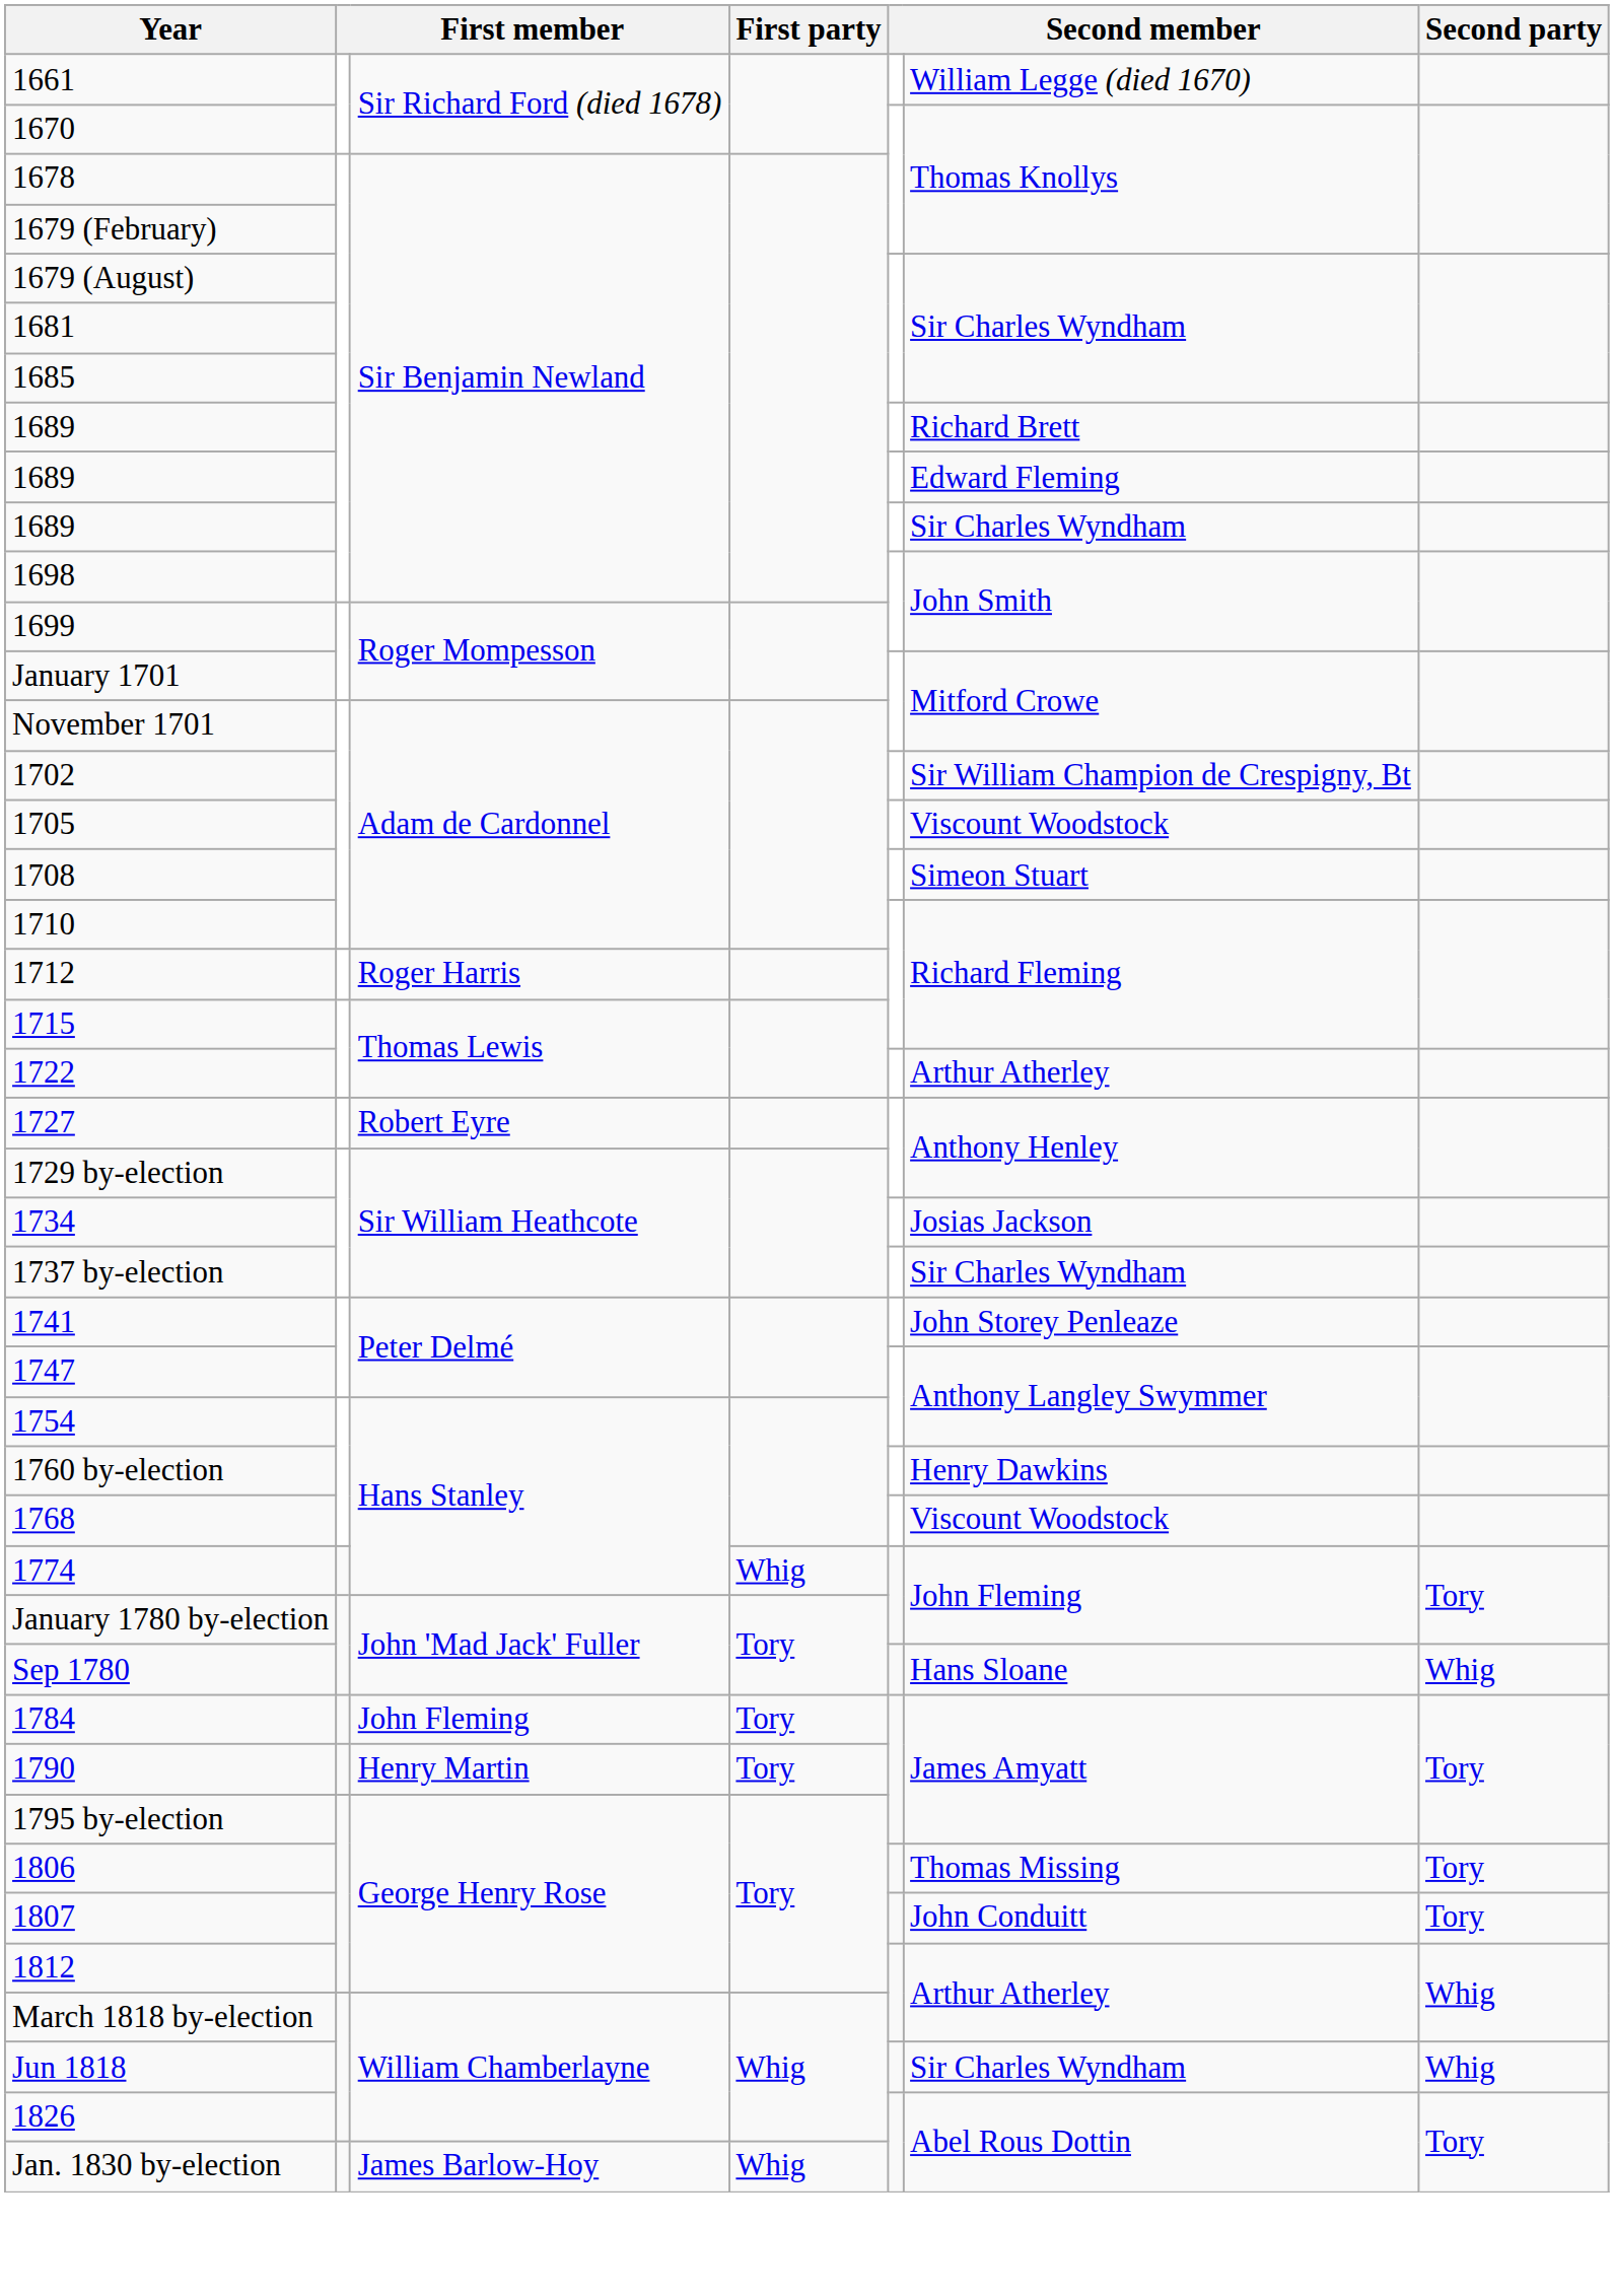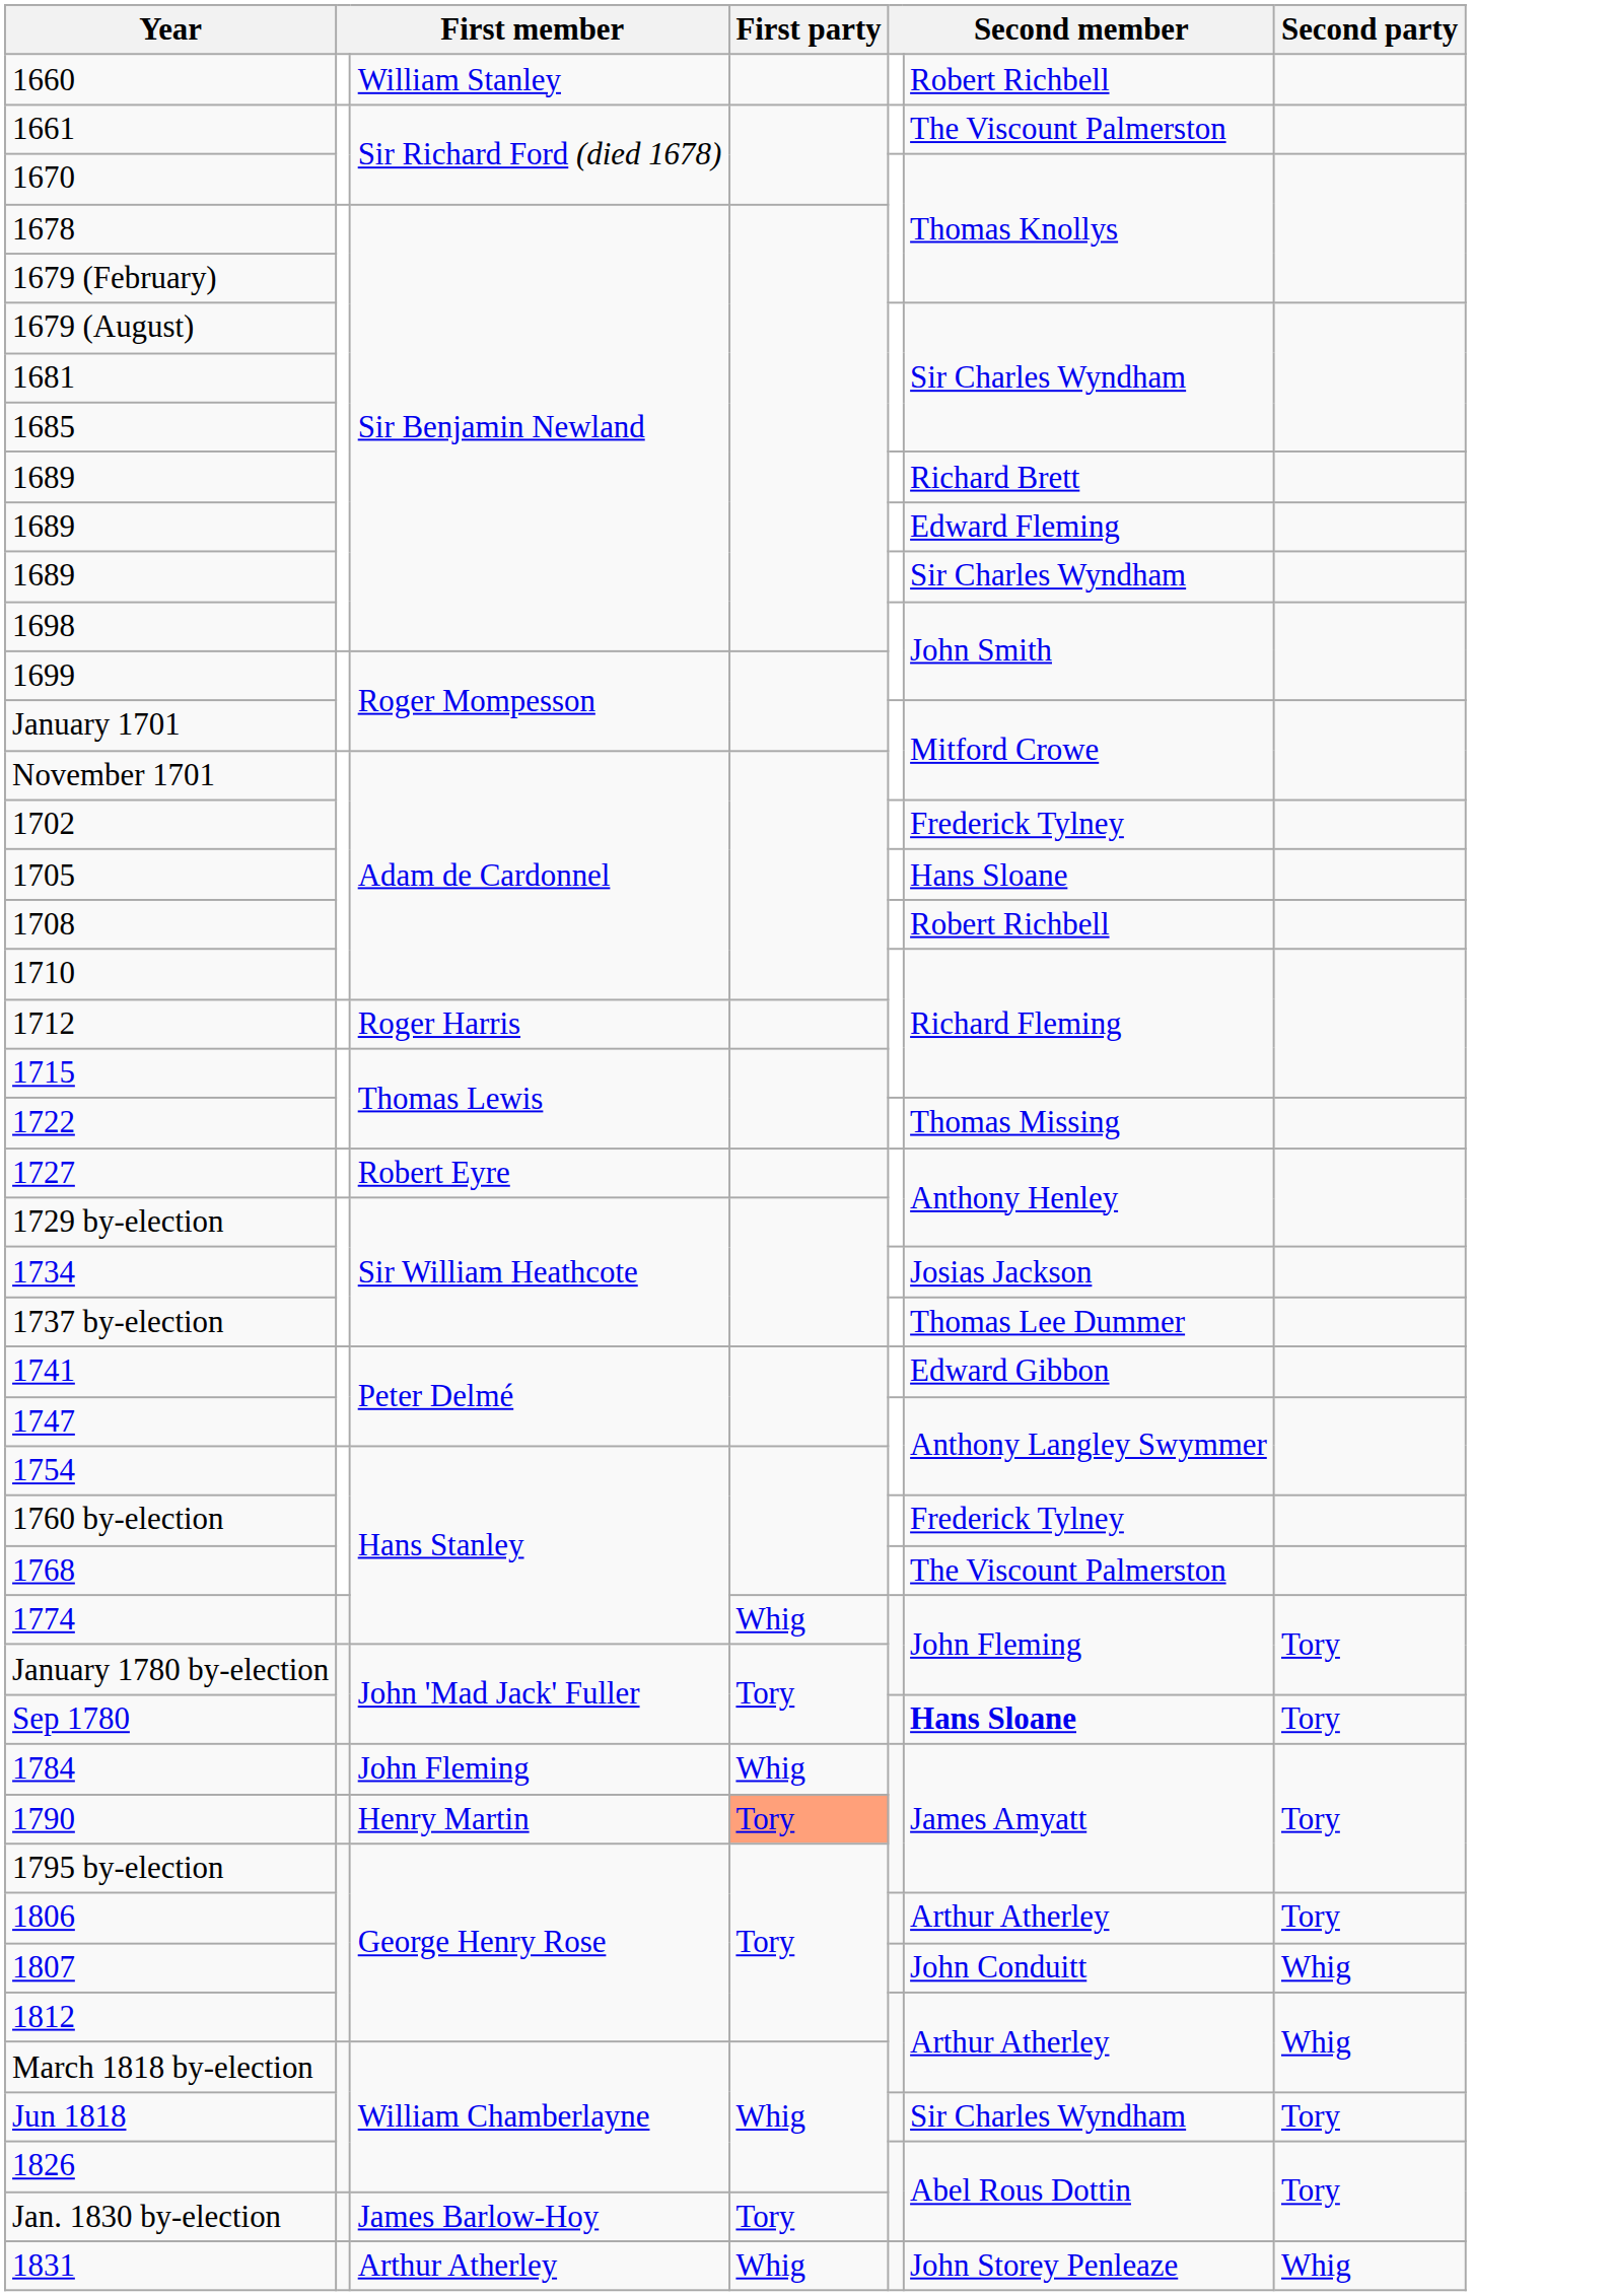 <table class="wikitable">
 <tr>
 <th>Year</th>
 <th colspan="2">First member</th>
 <th>First party</th>
 <th colspan="2">Second member</th>
 <th>Second party</th>
 </tr>
 <tr>
+<td>1660</td>
+<td style="color:inherit;background-color: white"></td>
+<td><a href='#'>William Stanley</a></td>
+<td></td>
+<td style="color:inherit;background-color: white"></td>
+<td><a href='#'>Robert Richbell</a></td>
+<td></td>
+</tr>
+<tr>
 <td>1661</td>
 <td rowspan="2" style="color:inherit;background-color: white"></td>
 <td rowspan="2"><a href='#'>Sir Richard Ford</a> <em>(died 1678)</em></td>
 <td rowspan="2"></td>
 <td style="color:inherit;background-color: white"></td>
-<td><a href='#'>William Legge</a> <em>(died 1670)</em></td>
+<td><a href='#'>The Viscount Palmerston</a></td>
 <td></td>
 </tr>
 <tr>
 <td>1670</td>
 <td rowspan="3" style="color:inherit;background-color: white"></td>
 <td rowspan="3"><a href='#'>Thomas Knollys</a></td>
 <td rowspan="3"></td>
 </tr>
 <tr>
 <td>1678</td>
 <td rowspan="9" style="color:inherit;background-color: white"></td>
 <td rowspan="9"><a href='#'>Sir Benjamin Newland</a></td>
 <td rowspan="9"></td>
 </tr>
 <tr>
 <td>1679 (February)</td>
 </tr>
 <tr>
 <td>1679 (August)</td>
 <td rowspan = "3" style="color:inherit;background-color: white"></td>
 <td rowspan = "3"><a href='#'>Sir Charles Wyndham</a></td>
 <td rowspan="3"></td>
 </tr>
 <tr>
 <td>1681</td>
 </tr>
 <tr>
 <td>1685</td>
 </tr>
 <tr>
 <td>1689</td>
 <td style="color:inherit;background-color: white"></td>
 <td><a href='#'>Richard Brett</a></td>
 <td></td>
 </tr>
 <tr>
 <td>1689</td>
 <td style="color:inherit;background-color: white"></td>
 <td><a href='#'>Edward Fleming</a></td>
 <td></td>
 </tr>
 <tr>
 <td>1689</td>
 <td style="color:inherit;background-color: white"></td>
 <td><a href='#'>Sir Charles Wyndham</a></td>
 <td></td>
 </tr>
 <tr>
 <td>1698</td>
 <td rowspan="2" style="color:inherit;background-color: white"></td>
 <td rowspan="2"><a href='#'>John Smith</a></td>
 <td rowspan="2"></td>
 </tr>
 <tr>
 <td>1699</td>
 <td rowspan="2" style="color:inherit;background-color: white"></td>
 <td rowspan="2"><a href='#'>Roger Mompesson</a></td>
 <td rowspan="2"></td>
 </tr>
 <tr>
 <td>January 1701</td>
 <td rowspan="2" style="color:inherit;background-color: white"></td>
 <td rowspan="2"><a href='#'>Mitford Crowe</a></td>
 <td rowspan="2"></td>
 </tr>
 <tr>
 <td>November 1701</td>
 <td rowspan="5" style="color:inherit;background-color: white"></td>
 <td rowspan="5"><a href='#'>Adam de Cardonnel</a></td>
 <td rowspan="5"></td>
 </tr>
 <tr>
 <td>1702</td>
 <td style="color:inherit;background-color: white"></td>
-<td><a href='#'>Sir William Champion de Crespigny, Bt</a></td>
+<td><a href='#'>Frederick Tylney</a></td>
 <td></td>
 </tr>
 <tr>
 <td>1705</td>
 <td style="color:inherit;background-color: white"></td>
-<td><a href='#'>Viscount Woodstock</a></td>
+<td><a href='#'>Hans Sloane</a></td>
 <td></td>
 </tr>
 <tr>
 <td>1708</td>
 <td style="color:inherit;background-color: white"></td>
-<td><a href='#'>Simeon Stuart</a></td>
+<td><a href='#'>Robert Richbell</a></td>
 <td></td>
 </tr>
 <tr>
 <td>1710</td>
 <td rowspan="3" style="color:inherit;background-color: white"></td>
 <td rowspan="3"><a href='#'>Richard Fleming</a></td>
 <td rowspan="3"></td>
 </tr>
 <tr>
 <td>1712</td>
 <td style="color:inherit;background-color: white"></td>
 <td><a href='#'>Roger Harris</a></td>
 <td></td>
 </tr>
 <tr>
 <td><a href='#'>1715</a></td>
 <td rowspan="2" style="color:inherit;background-color: white"></td>
 <td rowspan="2"><a href='#'>Thomas Lewis</a></td>
 <td rowspan="2"></td>
 </tr>
 <tr>
 <td><a href='#'>1722</a></td>
 <td style="color:inherit;background-color: white"></td>
-<td><a href='#'>Arthur Atherley</a></td>
+<td><a href='#'>Thomas Missing</a></td>
 <td></td>
 </tr>
 <tr>
 <td><a href='#'>1727</a></td>
 <td style="color:inherit;background-color: white"></td>
 <td><a href='#'>Robert Eyre</a></td>
 <td></td>
 <td rowspan="2" style="color:inherit;background-color: white"></td>
 <td rowspan="2"><a href='#'>Anthony Henley</a></td>
 <td rowspan="2"></td>
 </tr>
 <tr>
 <td>1729 by-election</td>
 <td rowspan="3" style="color:inherit;background-color: white"></td>
 <td rowspan="3"><a href='#'>Sir William Heathcote</a></td>
 <td rowspan="3"></td>
 </tr>
 <tr>
 <td><a href='#'>1734</a></td>
 <td style="color:inherit;background-color: white"></td>
 <td><a href='#'>Josias Jackson</a></td>
 <td></td>
 </tr>
 <tr>
 <td>1737 by-election</td>
 <td style="color:inherit;background-color: white"></td>
-<td><a href='#'>Sir Charles Wyndham</a></td>
+<td><a href='#'>Thomas Lee Dummer</a></td>
 <td></td>
 </tr>
 <tr>
 <td><a href='#'>1741</a></td>
 <td rowspan="2" style="color:inherit;background-color: white"></td>
 <td rowspan="2"><a href='#'>Peter Delmé</a></td>
 <td rowspan="2"></td>
 <td style="color:inherit;background-color: white"></td>
-<td><a href='#'>John Storey Penleaze</a></td>
+<td><a href='#'>Edward Gibbon</a></td>
 <td></td>
 </tr>
 <tr>
 <td><a href='#'>1747</a></td>
 <td rowspan="2" style="color:inherit;background-color: white"></td>
 <td rowspan="2"><a href='#'>Anthony Langley Swymmer</a></td>
 <td rowspan="2"></td>
 </tr>
 <tr>
 <td><a href='#'>1754</a></td>
 <td rowspan="3" style="color:inherit;background-color: white"></td>
 <td rowspan="4"><a href='#'>Hans Stanley</a></td>
 <td rowspan="3"></td>
 </tr>
 <tr>
 <td>1760 by-election</td>
 <td style="color:inherit;background-color: white"></td>
-<td><a href='#'>Henry Dawkins</a></td>
+<td><a href='#'>Frederick Tylney</a></td>
 <td></td>
 </tr>
 <tr>
 <td><a href='#'>1768</a></td>
 <td style="color:inherit;background-color: white"></td>
-<td><a href='#'>Viscount Woodstock</a></td>
+<td><a href='#'>The Viscount Palmerston</a></td>
 <td></td>
 </tr>
 <tr>
 <td><a href='#'>1774</a></td>
 <td style="color:inherit;background-color: "></td>
 <td><a href='#'>Whig</a></td>
 <td rowspan="2" style="color:inherit;background-color: "></td>
 <td rowspan="2"><a href='#'>John Fleming</a></td>
 <td rowspan="2"><a href='#'>Tory</a></td>
 </tr>
 <tr>
 <td>January 1780 by-election</td>
 <td rowspan="2" style="color:inherit;background-color: "></td>
 <td rowspan="2"><a href='#'>John 'Mad Jack' Fuller</a></td>
 <td rowspan="2"><a href='#'>Tory</a></td>
 </tr>
 <tr>
 <td><a href='#'>Sep 1780</a></td>
 <td style="color:inherit;background-color: "></td>
-<td><a href='#'>Hans Sloane</a></td>
-<td><a href='#'>Whig</a></td>
+<td><strong><a href='#'>Hans Sloane</a></strong></td>
+<td><a href='#'>Tory</a></td>
 </tr>
 <tr>
 <td><a href='#'>1784</a></td>
 <td style="color:inherit;background-color: "></td>
 <td><a href='#'>John Fleming</a></td>
-<td><a href='#'>Tory</a></td>
+<td><a href='#'>Whig</a></td>
 <td rowspan="3" style="color:inherit;background-color: "></td>
 <td rowspan="3"><a href='#'>James Amyatt</a></td>
 <td rowspan="3"><a href='#'>Tory</a></td>
 </tr>
 <tr>
 <td><a href='#'>1790</a></td>
 <td style="color:inherit;background-color: "></td>
 <td><a href='#'>Henry Martin</a></td>
-<td><a href='#'>Tory</a></td>
+<td style="background: lightsalmon;"><a href='#'>Tory</a></td>
 </tr>
 <tr>
 <td>1795 by-election</td>
 <td rowspan="4" style="color:inherit;background-color: "></td>
 <td rowspan="4"><a href='#'>George Henry Rose</a></td>
 <td rowspan="4"><a href='#'>Tory</a></td>
 </tr>
 <tr>
 <td><a href='#'>1806</a></td>
 <td style="color:inherit;background-color: "></td>
-<td><a href='#'>Thomas Missing</a></td>
+<td><a href='#'>Arthur Atherley</a></td>
 <td><a href='#'>Tory</a></td>
 </tr>
 <tr>
 <td><a href='#'>1807</a></td>
 <td style="color:inherit;background-color: "></td>
 <td><a href='#'>John Conduitt</a></td>
-<td><a href='#'>Tory</a></td>
+<td><a href='#'>Whig</a></td>
 </tr>
 <tr>
 <td><a href='#'>1812</a></td>
 <td rowspan="2" style="color:inherit;background-color: "></td>
 <td rowspan="2"><a href='#'>Arthur Atherley</a></td>
 <td rowspan="2"><a href='#'>Whig</a></td>
 </tr>
 <tr>
 <td>March 1818 by-election</td>
 <td rowspan="3" style="color:inherit;background-color: "></td>
 <td rowspan="3"><a href='#'>William Chamberlayne</a></td>
 <td rowspan="3"><a href='#'>Whig</a></td>
 </tr>
 <tr>
 <td><a href='#'>Jun 1818</a></td>
 <td style="color:inherit;background-color: "></td>
 <td><a href='#'>Sir Charles Wyndham</a></td>
-<td><a href='#'>Whig</a></td>
+<td><a href='#'>Tory</a></td>
 </tr>
 <tr>
 <td><a href='#'>1826</a></td>
 <td rowspan="2" style="color:inherit;background-color: "></td>
 <td rowspan="2"><a href='#'>Abel Rous Dottin</a></td>
 <td rowspan="2"><a href='#'>Tory</a></td>
 </tr>
 <tr>
 <td>Jan. 1830 by-election</td>
 <td style="color:inherit;background-color: "></td>
 <td><a href='#'>James Barlow-Hoy</a></td>
+<td><a href='#'>Tory</a></td>
+</tr>
+<tr>
+<td><a href='#'>1831</a></td>
+<td style="color:inherit;background-color: "></td>
+<td><a href='#'>Arthur Atherley</a></td>
+<td><a href='#'>Whig</a></td>
+<td style="color:inherit;background-color: "></td>
+<td><a href='#'>John Storey Penleaze</a></td>
 <td><a href='#'>Whig</a></td>
 </tr>
 </table>
